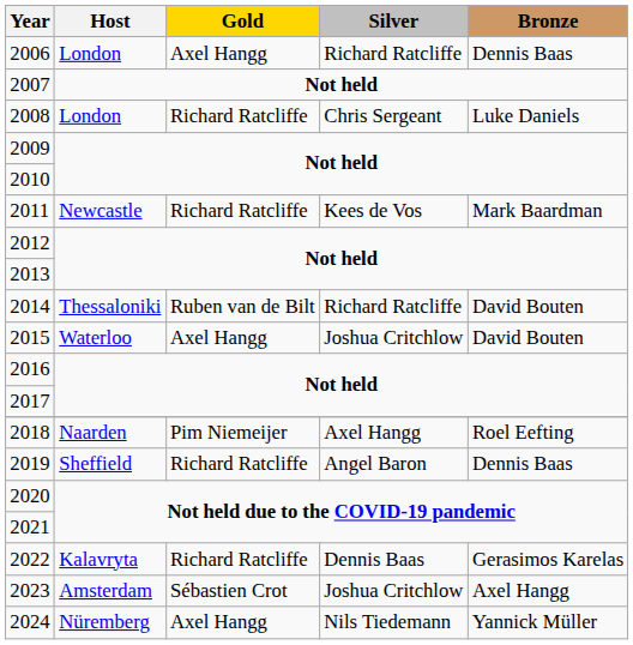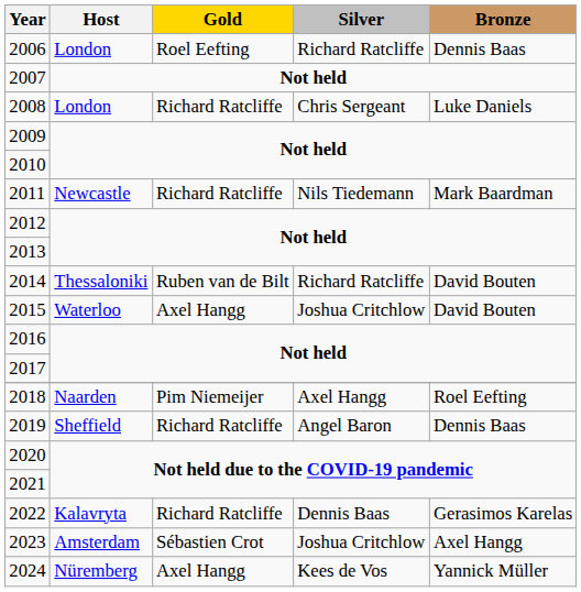 <table class="wikitable">
 <tr>
 <th>Year</th>
 <th>Host</th>
 <td align="center" bgcolor="gold"><strong>Gold</strong></td>
 <td align="center" bgcolor="silver"><strong>Silver</strong></td>
 <td align="center" bgcolor="cc9966"><strong>Bronze</strong></td>
 </tr>
 <tr>
 <td>2006</td>
 <td> <a href='#'>London</a></td>
-<td> Axel Hangg</td>
+<td> Roel Eefting</td>
 <td> Richard Ratcliffe</td>
 <td> Dennis Baas</td>
 </tr>
 <tr>
 <td>2007</td>
 <td colspan="4" style="text-align:center;"><strong>Not held</strong></td>
 </tr>
 <tr>
 <td>2008</td>
 <td> <a href='#'>London</a></td>
 <td> Richard Ratcliffe</td>
 <td> Chris Sergeant</td>
 <td> Luke Daniels</td>
 </tr>
 <tr>
 <td>2009</td>
 <td rowspan="2" colspan="4" style="text-align:center;"><strong>Not held</strong></td>
 </tr>
 <tr>
 <td>2010</td>
 </tr>
 <tr>
 <td>2011</td>
 <td> <a href='#'>Newcastle</a></td>
 <td> Richard Ratcliffe</td>
-<td> Kees de Vos</td>
+<td> Nils Tiedemann</td>
 <td> Mark Baardman</td>
 </tr>
 <tr>
 <td>2012</td>
 <td rowspan="2" colspan="4" style="text-align:center;"><strong>Not held</strong></td>
 </tr>
 <tr>
 <td>2013</td>
 </tr>
 <tr>
 <td>2014</td>
 <td> <a href='#'>Thessaloniki</a></td>
 <td> Ruben van de Bilt</td>
 <td> Richard Ratcliffe</td>
 <td> David Bouten</td>
 </tr>
 <tr>
 <td>2015</td>
 <td> <a href='#'>Waterloo</a></td>
 <td> Axel Hangg</td>
 <td> Joshua Critchlow</td>
 <td> David Bouten</td>
 </tr>
 <tr>
 <td>2016</td>
 <td rowspan="2" colspan="4" style="text-align:center;"><strong>Not held</strong></td>
 </tr>
 <tr>
 <td>2017</td>
 </tr>
 <tr>
 </tr>
 <tr>
 <td>2018</td>
 <td> <a href='#'>Naarden</a></td>
 <td> Pim Niemeijer</td>
 <td> Axel Hangg</td>
 <td> Roel Eefting</td>
 </tr>
 <tr>
 <td>2019</td>
 <td> <a href='#'>Sheffield</a></td>
 <td> Richard Ratcliffe</td>
 <td> Angel Baron</td>
 <td> Dennis Baas</td>
 </tr>
 <tr>
 <td>2020</td>
 <td rowspan="2" colspan="4" style="text-align:center;"><strong>Not held due to the <a href='#'>COVID-19 pandemic</a></strong></td>
 </tr>
 <tr>
 <td>2021</td>
 </tr>
 <tr>
 <td>2022</td>
 <td> <a href='#'>Kalavryta</a></td>
 <td> Richard Ratcliffe</td>
 <td> Dennis Baas</td>
 <td> Gerasimos Karelas</td>
 </tr>
 <tr>
 <td>2023</td>
 <td> <a href='#'>Amsterdam</a></td>
 <td> Sébastien Crot</td>
 <td> Joshua Critchlow</td>
 <td> Axel Hangg</td>
 </tr>
 <tr>
 <td>2024</td>
 <td> <a href='#'>Nüremberg</a></td>
 <td> Axel Hangg</td>
-<td> Nils Tiedemann</td>
+<td> Kees de Vos</td>
 <td> Yannick Müller</td>
 </tr>
 </table>
